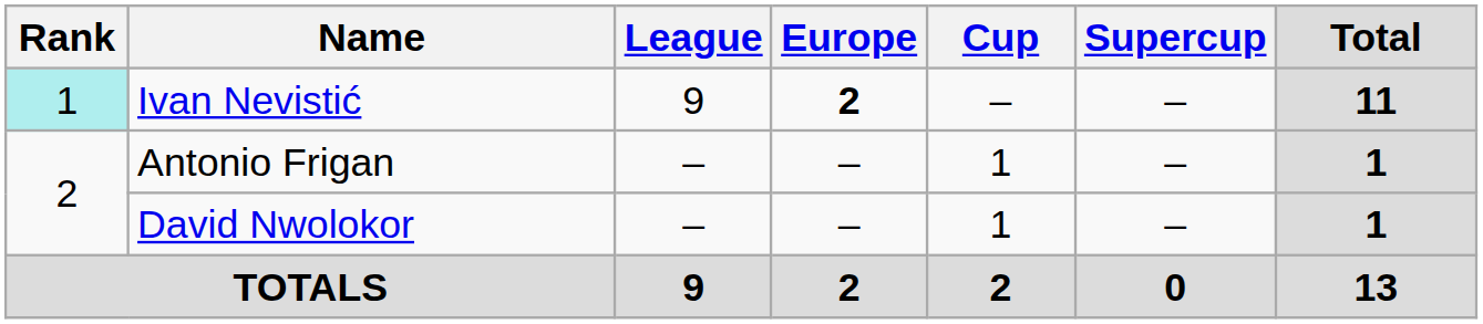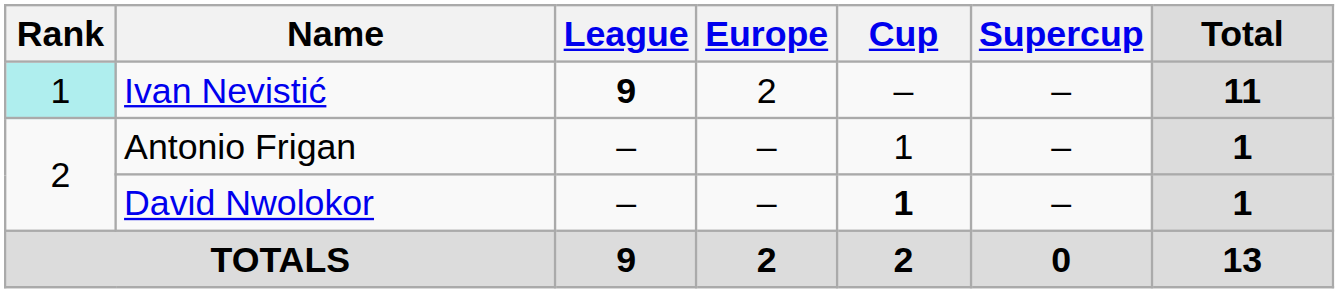 <table class="wikitable" style="font-size: 95%; text-align: center;">
 <tr>
 <th width=40>Rank</th>
 <th width=180>Name</th>
 <th width=50><a href='#'>League</a></th>
 <th width=50><a href='#'>Europe</a></th>
 <th width=50><a href='#'>Cup</a></th>
 <th width=50><a href='#'>Supercup</a></th>
 <th width=70 style="background: #DCDCDC">Total</th>
 </tr>
 <tr>
 <td rowspan=1 style="background: paleturquoise;">1</td>
 <td style="text-align:left;"> <a href='#'>Ivan Nevistić</a></td>
-<td>9</td>
-<td><strong>2</strong></td>
+<td><strong>9</strong></td>
+<td>2</td>
 <td>–</td>
 <td>–</td>
 <th style="background: #DCDCDC">11</th>
 </tr>
 <tr>
 <td rowspan=2>2</td>
 <td style="text-align:left;"> Antonio Frigan</td>
 <td>–</td>
 <td>–</td>
 <td>1</td>
 <td>–</td>
 <th style="background: #DCDCDC">1</th>
 </tr>
 <tr>
 <td style="text-align:left;"> <a href='#'>David Nwolokor</a></td>
 <td>–</td>
 <td>–</td>
-<td>1</td>
+<td><strong>1</strong></td>
 <td>–</td>
 <th style="background: #DCDCDC">1</th>
 </tr>
 <tr>
 <th colspan="2" align="center" style="background: #DCDCDC">TOTALS</th>
 <th style="background: #DCDCDC">9</th>
 <th style="background: #DCDCDC">2</th>
 <th style="background: #DCDCDC">2</th>
 <th style="background: #DCDCDC">0</th>
 <th style="background: #DCDCDC">13</th>
 </tr>
 </table>
